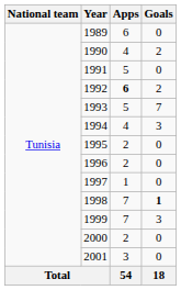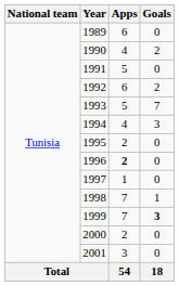 <table class="wikitable" style="text-align:center">
 <tr>
 <th>National team</th>
 <th>Year</th>
 <th>Apps</th>
 <th>Goals</th>
 </tr>
 <tr>
 <td rowspan="13"><a href='#'>Tunisia</a></td>
 <td>1989</td>
 <td>6</td>
 <td>0</td>
 </tr>
 <tr>
 <td>1990</td>
 <td>4</td>
 <td>2</td>
 </tr>
 <tr>
 <td>1991</td>
 <td>5</td>
 <td>0</td>
 </tr>
 <tr>
 <td>1992</td>
-<td><strong>6</strong></td>
+<td>6</td>
 <td>2</td>
 </tr>
 <tr>
 <td>1993</td>
 <td>5</td>
 <td>7</td>
 </tr>
 <tr>
 <td>1994</td>
 <td>4</td>
 <td>3</td>
 </tr>
 <tr>
 <td>1995</td>
 <td>2</td>
 <td>0</td>
 </tr>
 <tr>
 <td>1996</td>
-<td>2</td>
+<td><strong>2</strong></td>
 <td>0</td>
 </tr>
 <tr>
 <td>1997</td>
 <td>1</td>
 <td>0</td>
 </tr>
 <tr>
 <td>1998</td>
 <td>7</td>
-<td><strong>1</strong></td>
+<td>1</td>
 </tr>
 <tr>
 <td>1999</td>
 <td>7</td>
-<td>3</td>
+<td><strong>3</strong></td>
 </tr>
 <tr>
 <td>2000</td>
 <td>2</td>
 <td>0</td>
 </tr>
 <tr>
 <td>2001</td>
 <td>3</td>
 <td>0</td>
 </tr>
 <tr>
 <th colspan="2">Total</th>
 <th>54</th>
 <th>18</th>
 </tr>
 </table>
